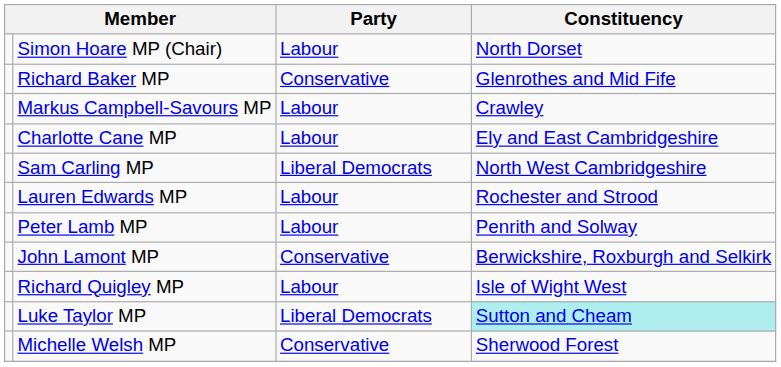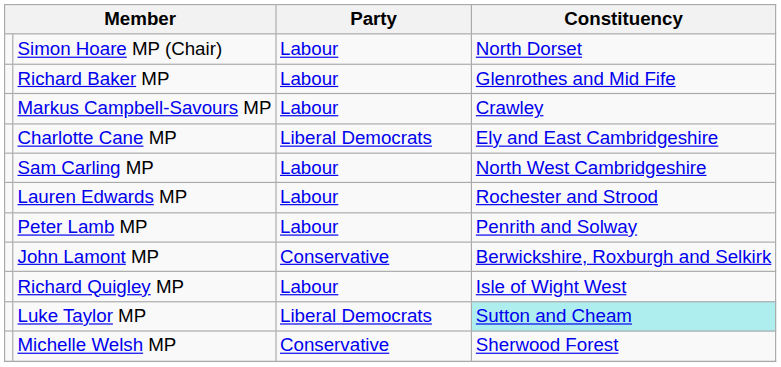 <table class="wikitable">
 <tr>
 <th width="160px" colspan="2" valign="top">Member</th>
 <th width="160px" valign="top">Party</th>
 <th valign="top">Constituency</th>
 </tr>
 <tr>
 <td style="color:inherit;background:"></td>
 <td><a href='#'>Simon Hoare</a> MP (Chair)</td>
 <td><a href='#'>Labour</a></td>
 <td><a href='#'>North Dorset</a></td>
 </tr>
 <tr>
 <td style="color:inherit;background:"></td>
 <td><a href='#'>Richard Baker</a> MP</td>
-<td><a href='#'>Conservative</a></td>
+<td><a href='#'>Labour</a></td>
 <td><a href='#'>Glenrothes and Mid Fife</a></td>
 </tr>
 <tr>
 <td style="color:inherit;background:"></td>
 <td><a href='#'>Markus Campbell-Savours</a> MP</td>
 <td><a href='#'>Labour</a></td>
 <td><a href='#'>Crawley</a></td>
 </tr>
 <tr>
 <td style="color:inherit;background:"></td>
 <td><a href='#'>Charlotte Cane</a> MP</td>
-<td><a href='#'>Labour</a></td>
+<td><a href='#'>Liberal Democrats</a></td>
 <td><a href='#'>Ely and East Cambridgeshire</a></td>
 </tr>
 <tr>
 <td style="color:inherit;background:"></td>
 <td><a href='#'>Sam Carling</a> MP</td>
-<td><a href='#'>Liberal Democrats</a></td>
+<td><a href='#'>Labour</a></td>
 <td><a href='#'>North West Cambridgeshire</a></td>
 </tr>
 <tr>
 <td style="color:inherit;background:"></td>
 <td><a href='#'>Lauren Edwards</a> MP</td>
 <td><a href='#'>Labour</a></td>
 <td><a href='#'>Rochester and Strood</a></td>
 </tr>
 <tr>
 <td style="color:inherit;background:"></td>
 <td><a href='#'>Peter Lamb</a> MP</td>
 <td><a href='#'>Labour</a></td>
 <td><a href='#'>Penrith and Solway</a></td>
 </tr>
 <tr>
 <td style="color:inherit;background:"></td>
 <td><a href='#'>John Lamont</a> MP</td>
 <td><a href='#'>Conservative</a></td>
 <td><a href='#'>Berwickshire, Roxburgh and Selkirk</a></td>
 </tr>
 <tr>
 <td style="color:inherit;background:"></td>
 <td><a href='#'>Richard Quigley</a> MP</td>
 <td><a href='#'>Labour</a></td>
 <td><a href='#'>Isle of Wight West</a></td>
 </tr>
 <tr>
 <td style="color:inherit;background:"></td>
 <td><a href='#'>Luke Taylor</a> MP</td>
 <td><a href='#'>Liberal Democrats</a></td>
 <td style="background: paleturquoise;"><a href='#'>Sutton and Cheam</a></td>
 </tr>
 <tr>
 <td style="color:inherit;background:"></td>
 <td><a href='#'>Michelle Welsh</a> MP</td>
 <td><a href='#'>Conservative</a></td>
 <td><a href='#'>Sherwood Forest</a></td>
 </tr>
 <tr>
 </tr>
 </table>
